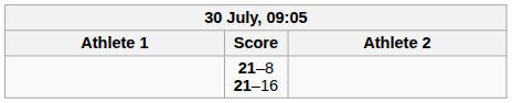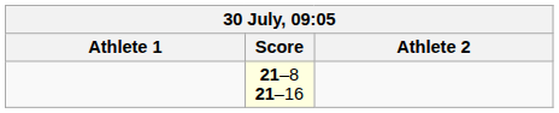 <table class="wikitable" style="text-align: center; font-size:90% ">
 <tr>
 <th colspan=3>30 July, 09:05</th>
 </tr>
 <tr>
 <th align="right" width="190">Athlete 1</th>
 <th width="50">Score</th>
 <th align="left" width="190">Athlete 2</th>
 </tr>
 <tr>
 <td align=right><strong></strong></td>
-<td align=center><strong>21</strong>–8<br><strong>21</strong>–16</td>
+<td align=center style="background: lightyellow;"><strong>21</strong>–8<br><strong>21</strong>–16</td>
 <td align=left></td>
 </tr>
 </table>
